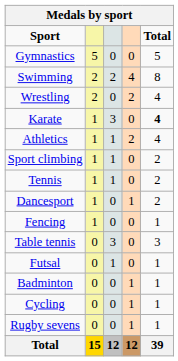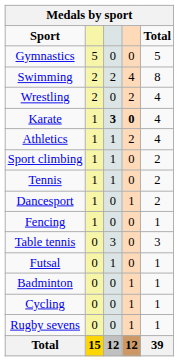 <table class="wikitable" style="font-size:85%; float:right;">
 <tr style="background:#efefef;">
 <th colspan=7>Medals by sport</th>
 </tr>
 <tr align=center>
 <td><strong>Sport</strong></td>
 <td style="background:#f7f6a8;"></td>
 <td style="background:#dce5e5;"></td>
 <td style="background:#ffdab9;"></td>
 <td><strong>Total</strong></td>
 </tr>
 <tr align=center>
 <td><a href='#'>Gymnastics</a></td>
 <td style="background:#f7f6a8;">5</td>
 <td style="background:#dce5e5;">0</td>
 <td style="background:#ffdab9;">0</td>
 <td>5</td>
 </tr>
 <tr align=center>
 <td><a href='#'>Swimming</a></td>
 <td style="background:#f7f6a8;">2</td>
 <td style="background:#dce5e5;">2</td>
 <td style="background:#ffdab9;">4</td>
 <td>8</td>
 </tr>
 <tr align=center>
 <td><a href='#'>Wrestling</a></td>
 <td style="background:#f7f6a8;">2</td>
 <td style="background:#dce5e5;">0</td>
 <td style="background:#ffdab9;">2</td>
 <td>4</td>
 </tr>
 <tr align=center>
 <td><a href='#'>Karate</a></td>
 <td style="background:#f7f6a8;">1</td>
-<td style="background:#dce5e5;">3</td>
-<td style="background:#ffdab9;">0</td>
-<td><strong>4</strong></td>
+<td style="background:#dce5e5;"><strong>3</strong></td>
+<td style="background:#ffdab9;"><strong>0</strong></td>
+<td>4</td>
 </tr>
 <tr align=center>
 <td><a href='#'>Athletics</a></td>
 <td style="background:#f7f6a8;">1</td>
 <td style="background:#dce5e5;">1</td>
 <td style="background:#ffdab9;">2</td>
 <td>4</td>
 </tr>
 <tr align=center>
 <td><a href='#'>Sport climbing</a></td>
 <td style="background:#f7f6a8;">1</td>
 <td style="background:#dce5e5;">1</td>
 <td style="background:#ffdab9;">0</td>
 <td>2</td>
 </tr>
 <tr align=center>
 <td><a href='#'>Tennis</a></td>
 <td style="background:#f7f6a8;">1</td>
 <td style="background:#dce5e5;">1</td>
 <td style="background:#ffdab9;">0</td>
 <td>2</td>
 </tr>
 <tr align=center>
 <td><a href='#'>Dancesport</a></td>
 <td style="background:#f7f6a8;">1</td>
 <td style="background:#dce5e5;">0</td>
 <td style="background:#ffdab9;">1</td>
 <td>2</td>
 </tr>
 <tr align=center>
 <td><a href='#'>Fencing</a></td>
 <td style="background:#f7f6a8;">1</td>
 <td style="background:#dce5e5;">0</td>
 <td style="background:#ffdab9;">0</td>
 <td>1</td>
 </tr>
 <tr align=center>
 <td><a href='#'>Table tennis</a></td>
 <td style="background:#f7f6a8;">0</td>
 <td style="background:#dce5e5;">3</td>
 <td style="background:#ffdab9;">0</td>
 <td>3</td>
 </tr>
 <tr align=center>
 <td><a href='#'>Futsal</a></td>
 <td style="background:#f7f6a8;">0</td>
 <td style="background:#dce5e5;">1</td>
 <td style="background:#ffdab9;">0</td>
 <td>1</td>
 </tr>
 <tr align=center>
 <td><a href='#'>Badminton</a></td>
 <td style="background:#f7f6a8;">0</td>
 <td style="background:#dce5e5;">0</td>
 <td style="background:#ffdab9;">1</td>
 <td>1</td>
 </tr>
 <tr align=center>
 <td><a href='#'>Cycling</a></td>
 <td style="background:#f7f6a8;">0</td>
 <td style="background:#dce5e5;">0</td>
 <td style="background:#ffdab9;">1</td>
 <td>1</td>
 </tr>
 <tr align=center>
 <td><a href='#'>Rugby sevens</a></td>
 <td style="background:#f7f6a8;">0</td>
 <td style="background:#dce5e5;">0</td>
 <td style="background:#ffdab9;">1</td>
 <td>1</td>
 </tr>
 <tr align=center>
 <th>Total</th>
 <th style="background:gold;">15</th>
 <th style="background:silver;">12</th>
 <th style="background:#c96;">12</th>
 <th>39</th>
 </tr>
 </table>
